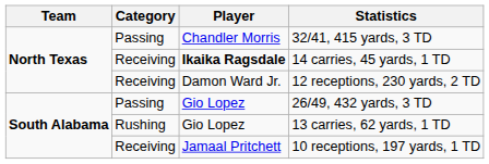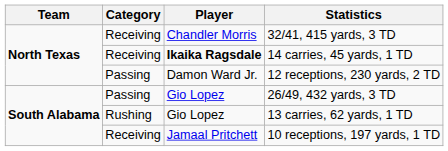 <table class="wikitable" style="float: right;">
 <tr>
 <th>Team</th>
 <th>Category</th>
 <th>Player</th>
 <th>Statistics</th>
 </tr>
 <tr>
 <td rowspan=3><strong>North Texas</strong></td>
-<td>Passing</td>
+<td>Receiving</td>
 <td><a href='#'>Chandler Morris</a></td>
 <td>32/41, 415 yards, 3 TD</td>
 </tr>
 <tr>
 <td>Receiving</td>
 <td><strong>Ikaika Ragsdale</strong></td>
 <td>14 carries, 45 yards, 1 TD</td>
 </tr>
 <tr>
-<td>Receiving</td>
+<td>Passing</td>
 <td>Damon Ward Jr.</td>
 <td>12 receptions, 230 yards, 2 TD</td>
 </tr>
 <tr>
 <td rowspan=3><strong>South Alabama</strong></td>
 <td>Passing</td>
 <td><a href='#'>Gio Lopez</a></td>
 <td>26/49, 432 yards, 3 TD</td>
 </tr>
 <tr>
 <td>Rushing</td>
 <td>Gio Lopez</td>
 <td>13 carries, 62 yards, 1 TD</td>
 </tr>
 <tr>
 <td>Receiving</td>
 <td><a href='#'>Jamaal Pritchett</a></td>
 <td>10 receptions, 197 yards, 1 TD</td>
 </tr>
 </table>
